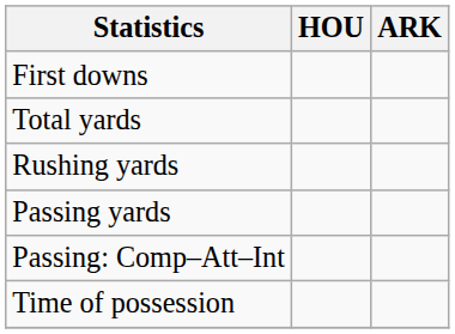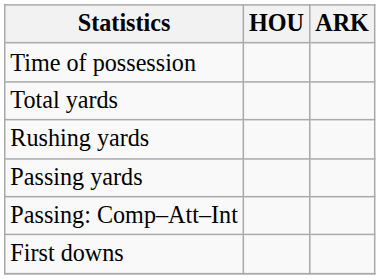 <table class="wikitable" style="float: left;">
 <tr>
 <th>Statistics</th>
 <th>HOU</th>
 <th>ARK</th>
 </tr>
 <tr>
-<td>First downs</td>
+<td>Time of possession</td>
 <td></td>
 <td></td>
 </tr>
 <tr>
 <td>Total yards</td>
 <td></td>
 <td></td>
 </tr>
 <tr>
 <td>Rushing yards</td>
 <td></td>
 <td></td>
 </tr>
 <tr>
 <td>Passing yards</td>
 <td></td>
 <td></td>
 </tr>
 <tr>
 <td>Passing: Comp–Att–Int</td>
 <td></td>
 <td></td>
 </tr>
 <tr>
-<td>Time of possession</td>
+<td>First downs</td>
 <td></td>
 <td></td>
 </tr>
 <tr>
 </tr>
 </table>
